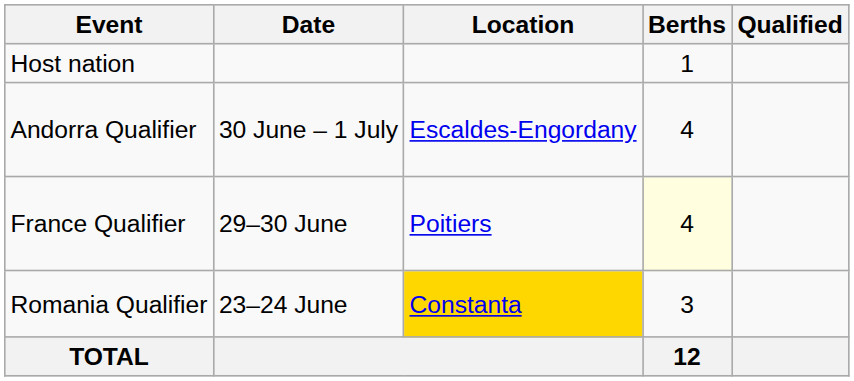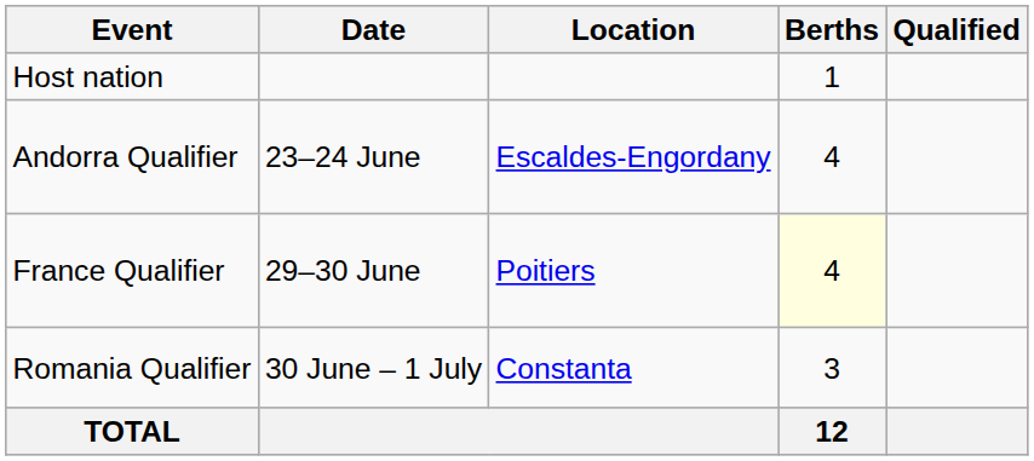 <table class="wikitable " style="font-size:95%;">
 <tr>
 <th>Event</th>
 <th>Date</th>
 <th>Location</th>
 <th>Berths</th>
 <th>Qualified</th>
 </tr>
 <tr>
 <td>Host nation</td>
 <td></td>
 <td></td>
 <td align=center>1</td>
 <td></td>
 </tr>
 <tr>
 <td>Andorra Qualifier</td>
-<td>30 June – 1 July</td>
+<td>23–24 June</td>
 <td> <a href='#'>Escaldes-Engordany</a></td>
 <td align=center>4</td>
 <td> <br>  <br>  <br> </td>
 </tr>
 <tr>
 <td>France Qualifier</td>
 <td>29–30 June</td>
 <td> <a href='#'>Poitiers</a></td>
 <td align=center style="background: lightyellow;">4</td>
 <td> <br>  <br>  <br> </td>
 </tr>
 <tr>
 <td>Romania Qualifier</td>
-<td>23–24 June</td>
-<td style="background: gold;"> <a href='#'>Constanta</a></td>
+<td>30 June – 1 July</td>
+<td> <a href='#'>Constanta</a></td>
 <td align=center>3</td>
 <td> <br>  <br> </td>
 </tr>
 <tr>
 <th>TOTAL</th>
 <th colspan="2"></th>
 <th>12</th>
 <th></th>
 </tr>
 </table>
